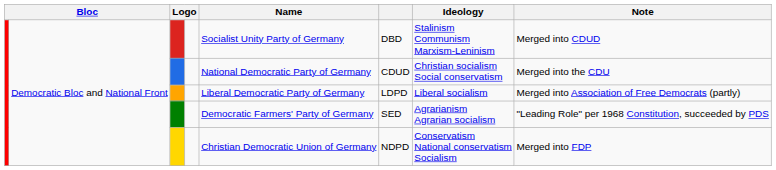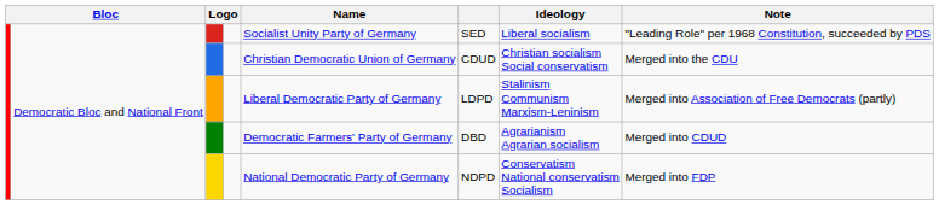 <table class="wikitable">
 <tr>
 <th colspan="2"><a href='#'>Bloc</a></th>
 <th colspan="2">Logo</th>
 <th>Name</th>
 <th></th>
 <th>Ideology</th>
 <th>Note</th>
 </tr>
 <tr>
 <th rowspan="5" style="background:#FF0000;"></th>
 <td rowspan="5"><a href='#'>Democratic Bloc</a> and <a href='#'>National Front</a></td>
 <th style="background:#DC241F;"></th>
 <td></td>
 <td><a href='#'>Socialist Unity Party of Germany</a><br></td>
-<td>DBD</td>
-<td><a href='#'>Stalinism</a><br><a href='#'>Communism</a><br><a href='#'>Marxism-Leninism</a></td>
-<td>Merged into <a href='#'>CDUD</a></td>
+<td>SED</td>
+<td><a href='#'>Liberal socialism</a></td>
+<td>"Leading Role" per 1968 <a href='#'>Constitution</a>, succeeded by <a href='#'>PDS</a></td>
 </tr>
 <tr>
 <th style="background:#216CE5;"></th>
 <td></td>
-<td><a href='#'>National Democratic Party of Germany</a><br></td>
+<td><a href='#'>Christian Democratic Union of Germany</a><br></td>
 <td>CDUD</td>
 <td><a href='#'>Christian socialism</a><br><a href='#'>Social conservatism</a></td>
 <td>Merged into the <a href='#'>CDU</a></td>
 </tr>
 <tr>
 <th style="background:#FFA500;"></th>
 <td></td>
 <td><a href='#'>Liberal Democratic Party of Germany</a><br></td>
 <td>LDPD</td>
-<td><a href='#'>Liberal socialism</a></td>
+<td><a href='#'>Stalinism</a><br><a href='#'>Communism</a><br><a href='#'>Marxism-Leninism</a></td>
 <td>Merged into <a href='#'>Association of Free Democrats</a> (partly)</td>
 </tr>
 <tr>
 <th style="background:#008000;"></th>
 <td></td>
 <td><a href='#'>Democratic Farmers' Party of Germany</a><br></td>
-<td>SED</td>
+<td>DBD</td>
 <td><a href='#'>Agrarianism</a><br><a href='#'>Agrarian socialism</a></td>
-<td>"Leading Role" per 1968 <a href='#'>Constitution</a>, succeeded by <a href='#'>PDS</a></td>
+<td>Merged into <a href='#'>CDUD</a></td>
 </tr>
 <tr>
 <th style="background:#FFD700;"></th>
 <td></td>
-<td><a href='#'>Christian Democratic Union of Germany</a><br></td>
+<td><a href='#'>National Democratic Party of Germany</a><br></td>
 <td>NDPD</td>
 <td><a href='#'>Conservatism</a><br><a href='#'>National conservatism</a><br><a href='#'>Socialism</a></td>
 <td>Merged into <a href='#'>FDP</a></td>
 </tr>
 </table>
